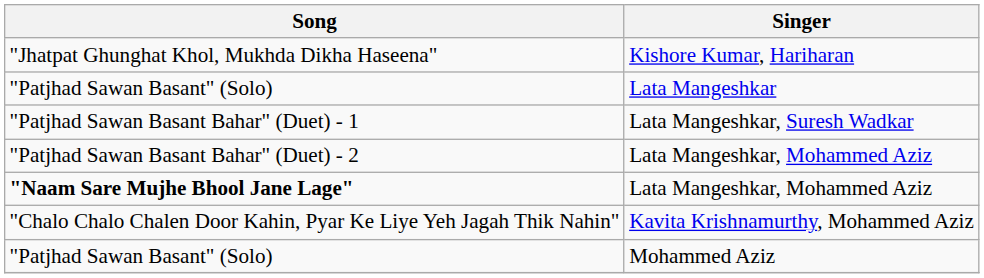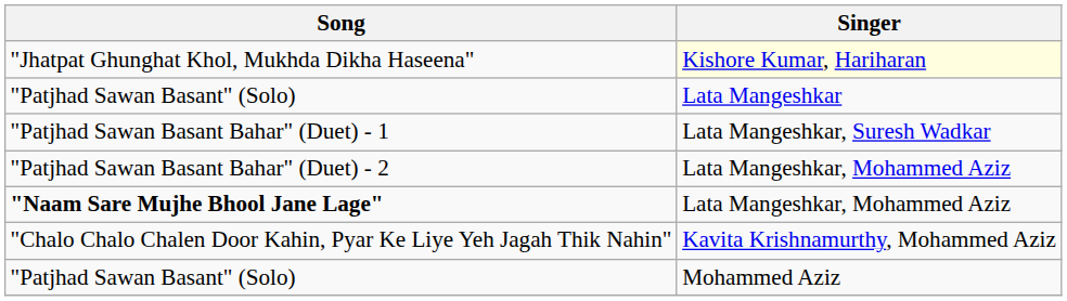 <table class="wikitable">
 <tr>
 <th>Song</th>
 <th>Singer</th>
 </tr>
 <tr>
 <td>"Jhatpat Ghunghat Khol, Mukhda Dikha Haseena"</td>
-<td><a href='#'>Kishore Kumar</a>, <a href='#'>Hariharan</a></td>
+<td style="background: lightyellow;"><a href='#'>Kishore Kumar</a>, <a href='#'>Hariharan</a></td>
 </tr>
 <tr>
 <td>"Patjhad Sawan Basant" (Solo)</td>
 <td><a href='#'>Lata Mangeshkar</a></td>
 </tr>
 <tr>
 <td>"Patjhad Sawan Basant Bahar" (Duet) - 1</td>
 <td>Lata Mangeshkar, <a href='#'>Suresh Wadkar</a></td>
 </tr>
 <tr>
 <td>"Patjhad Sawan Basant Bahar" (Duet) - 2</td>
 <td>Lata Mangeshkar, <a href='#'>Mohammed Aziz</a></td>
 </tr>
 <tr>
 <td><strong>"Naam Sare Mujhe Bhool Jane Lage"</strong></td>
 <td>Lata Mangeshkar, Mohammed Aziz</td>
 </tr>
 <tr>
 <td>"Chalo Chalo Chalen Door Kahin, Pyar Ke Liye Yeh Jagah Thik Nahin"</td>
 <td><a href='#'>Kavita Krishnamurthy</a>, Mohammed Aziz</td>
 </tr>
 <tr>
 <td>"Patjhad Sawan Basant" (Solo)</td>
 <td>Mohammed Aziz</td>
 </tr>
 <tr>
 </tr>
 </table>
